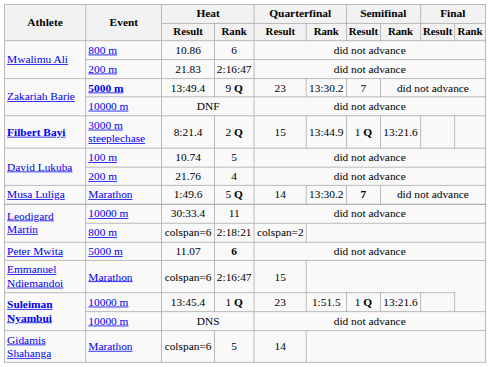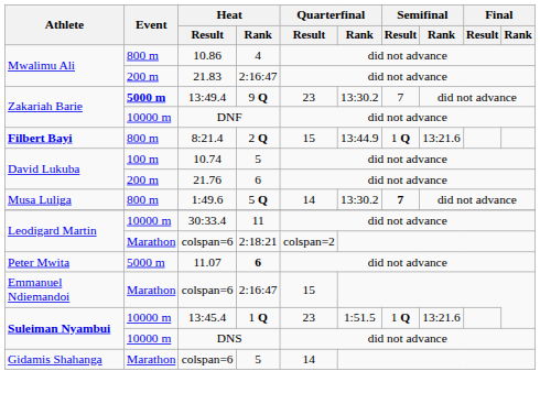 <table class="wikitable" style="font-size:90%">
 <tr>
 <th rowspan="2">Athlete</th>
 <th rowspan="2">Event</th>
 <th colspan="2">Heat</th>
 <th colspan="2">Quarterfinal</th>
 <th colspan="2">Semifinal</th>
 <th colspan="2">Final</th>
 </tr>
 <tr style="font-size:95%">
 <th>Result</th>
 <th>Rank</th>
 <th>Result</th>
 <th>Rank</th>
 <th>Result</th>
 <th>Rank</th>
 <th>Result</th>
 <th>Rank</th>
 </tr>
 <tr align=center>
 <td align=left rowspan=2><a href='#'>Mwalimu Ali</a></td>
 <td align=left><a href='#'>800 m</a></td>
 <td>10.86</td>
-<td>6</td>
+<td>4</td>
 <td colspan=6>did not advance</td>
 </tr>
 <tr align=center>
 <td align=left><a href='#'>200 m</a></td>
 <td>21.83</td>
 <td>2:16:47</td>
 <td colspan=6>did not advance</td>
 </tr>
 <tr align=center>
 <td align=left rowspan=2><a href='#'>Zakariah Barie</a></td>
 <td align=left><strong><a href='#'>5000 m</a></strong></td>
 <td>13:49.4</td>
 <td>9 <strong>Q</strong></td>
 <td>23</td>
 <td>13:30.2</td>
 <td>7</td>
 <td colspan=4>did not advance</td>
 </tr>
 <tr align=center>
 <td align=left><a href='#'>10000 m</a></td>
 <td colspan=2>DNF</td>
 <td colspan=6>did not advance</td>
 </tr>
 <tr align=center>
 <td align=left><strong><a href='#'>Filbert Bayi</a></strong></td>
-<td align=left><a href='#'>3000 m steeplechase</a></td>
+<td align=left><a href='#'>800 m</a></td>
 <td>8:21.4</td>
 <td>2 <strong>Q</strong></td>
 <td>15</td>
 <td>13:44.9</td>
 <td>1 <strong>Q</strong></td>
 <td>13:21.6</td>
 <td></td>
 </tr>
 <tr align=center>
 <td align=left rowspan=2><a href='#'>David Lukuba</a></td>
 <td align=left><a href='#'>100 m</a></td>
 <td>10.74</td>
 <td>5</td>
 <td colspan=6>did not advance</td>
 </tr>
 <tr align=center>
 <td align=left><a href='#'>200 m</a></td>
 <td>21.76</td>
-<td>4</td>
+<td>6</td>
 <td colspan=6>did not advance</td>
 </tr>
 <tr align=center>
 <td align=left><a href='#'>Musa Luliga</a></td>
-<td align=left><a href='#'>Marathon</a></td>
+<td align=left><a href='#'>800 m</a></td>
 <td>1:49.6</td>
 <td>5 <strong>Q</strong></td>
 <td>14</td>
 <td>13:30.2</td>
 <td><strong>7</strong></td>
 <td colspan=4>did not advance</td>
 </tr>
 <tr align=center>
 </tr>
 <tr align=center>
 <td align=left rowspan=2><a href='#'>Leodigard Martin</a></td>
 <td align=left><a href='#'>10000 m</a></td>
 <td>30:33.4</td>
 <td>11</td>
 <td colspan=6>did not advance</td>
 </tr>
 <tr align=center>
-<td align=left><a href='#'>800 m</a></td>
+<td align=left><a href='#'>Marathon</a></td>
 <td>colspan=6 </td>
 <td>2:18:21</td>
 <td>colspan=2 </td>
 </tr>
 <tr align=center>
 <td align=left><a href='#'>Peter Mwita</a></td>
 <td align=left><a href='#'>5000 m</a></td>
 <td>11.07</td>
 <td><strong>6</strong></td>
 <td colspan=6>did not advance</td>
 </tr>
 <tr align=center>
 <td align=left><a href='#'>Emmanuel Ndiemandoi</a></td>
 <td align=left><a href='#'>Marathon</a></td>
 <td>colspan=6 </td>
 <td>2:16:47</td>
 <td>15</td>
 </tr>
 <tr align=center>
 <td align=left rowspan=2><strong><a href='#'>Suleiman Nyambui</a></strong></td>
 <td align=left><a href='#'>10000 m</a></td>
 <td>13:45.4</td>
 <td>1 <strong>Q</strong></td>
 <td>23</td>
 <td>1:51.5</td>
 <td>1 <strong>Q</strong></td>
 <td>13:21.6</td>
 <td></td>
 </tr>
 <tr align=center>
 <td align=left><a href='#'>10000 m</a></td>
 <td colspan=2>DNS</td>
 <td colspan=6>did not advance</td>
 </tr>
 <tr align=center>
 <td align=left><a href='#'>Gidamis Shahanga</a></td>
 <td align=left><a href='#'>Marathon</a></td>
 <td>colspan=6 </td>
 <td>5</td>
 <td>14</td>
 </tr>
 </table>
